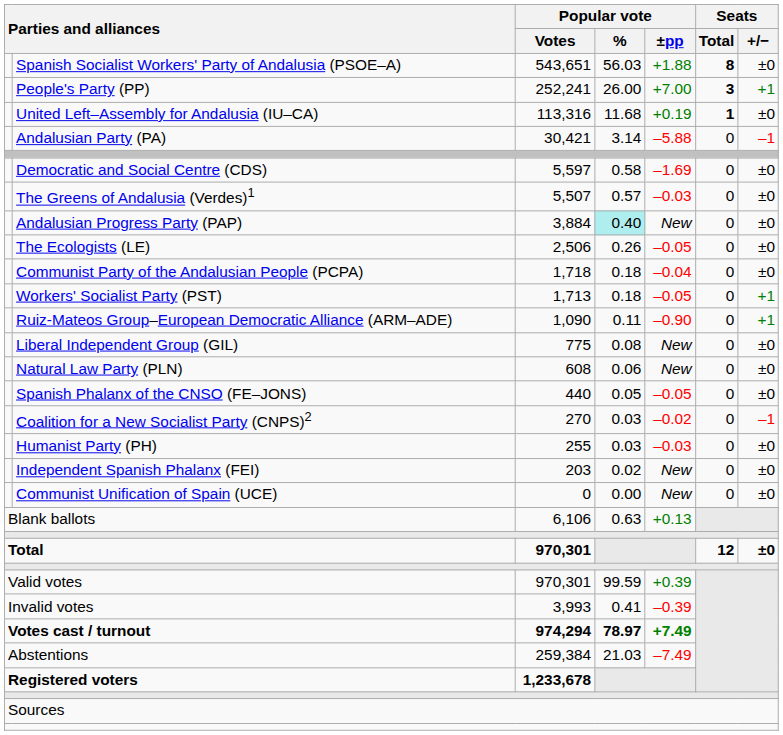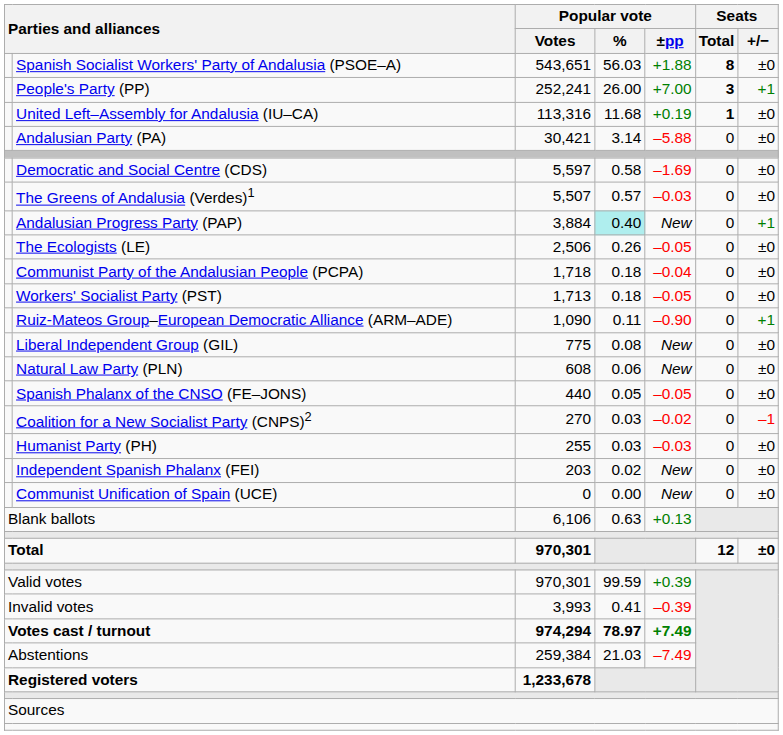 <table class="wikitable" style="text-align:right;">
 <tr>
 <th style="text-align:left;" rowspan="2" colspan="2" width="525">Parties and alliances</th>
 <th colspan="3">Popular vote</th>
 <th colspan="2">Seats</th>
 </tr>
 <tr>
 <th width="75">Votes</th>
 <th width="45">%</th>
 <th width="45">±<a href='#'>pp</a></th>
 <th width="35">Total</th>
 <th width="35">+/−</th>
 </tr>
 <tr>
 <td width="1" style="color:inherit;background:"></td>
 <td align="left"><a href='#'>Spanish Socialist Workers' Party of Andalusia</a> (PSOE–A)</td>
 <td>543,651</td>
 <td>56.03</td>
 <td style="color:green;">+1.88</td>
 <td><strong>8</strong></td>
 <td>±0</td>
 </tr>
 <tr>
 <td style="color:inherit;background:"></td>
 <td align="left"><a href='#'>People's Party</a> (PP)</td>
 <td>252,241</td>
 <td>26.00</td>
 <td style="color:green;">+7.00</td>
 <td><strong>3</strong></td>
 <td style="color:green;">+1</td>
 </tr>
 <tr>
 <td style="color:inherit;background:"></td>
 <td align="left"><a href='#'>United Left–Assembly for Andalusia</a> (IU–CA)</td>
 <td>113,316</td>
 <td>11.68</td>
 <td style="color:green;">+0.19</td>
 <td><strong>1</strong></td>
 <td>±0</td>
 </tr>
 <tr>
 <td style="color:inherit;background:"></td>
 <td align="left"><a href='#'>Andalusian Party</a> (PA)</td>
 <td>30,421</td>
 <td>3.14</td>
 <td style="color:red;">–5.88</td>
 <td>0</td>
-<td style="color:red;">–1</td>
+<td>±0</td>
 </tr>
 <tr>
 <td colspan="7" bgcolor="#C0C0C0"></td>
 </tr>
 <tr>
 <td style="color:inherit;background:"></td>
 <td align="left"><a href='#'>Democratic and Social Centre</a> (CDS)</td>
 <td>5,597</td>
 <td>0.58</td>
 <td style="color:red;">–1.69</td>
 <td>0</td>
 <td>±0</td>
 </tr>
 <tr>
 <td style="color:inherit;background:"></td>
 <td align="left"><a href='#'>The Greens of Andalusia</a> (Verdes)<sup>1</sup></td>
 <td>5,507</td>
 <td>0.57</td>
 <td style="color:red;">–0.03</td>
 <td>0</td>
 <td>±0</td>
 </tr>
 <tr>
 <td style="color:inherit;background:"></td>
 <td align="left"><a href='#'>Andalusian Progress Party</a> (PAP)</td>
 <td>3,884</td>
 <td style="background: paleturquoise;">0.40</td>
 <td><em>New</em></td>
 <td>0</td>
-<td>±0</td>
+<td style="color:green;">+1</td>
 </tr>
 <tr>
 <td style="color:inherit;background:"></td>
 <td align="left"><a href='#'>The Ecologists</a> (LE)</td>
 <td>2,506</td>
 <td>0.26</td>
 <td style="color:red;">–0.05</td>
 <td>0</td>
 <td>±0</td>
 </tr>
 <tr>
 <td style="color:inherit;background:"></td>
 <td align="left"><a href='#'>Communist Party of the Andalusian People</a> (PCPA)</td>
 <td>1,718</td>
 <td>0.18</td>
 <td style="color:red;">–0.04</td>
 <td>0</td>
 <td>±0</td>
 </tr>
 <tr>
 <td style="color:inherit;background:"></td>
 <td align="left"><a href='#'>Workers' Socialist Party</a> (PST)</td>
 <td>1,713</td>
 <td>0.18</td>
 <td style="color:red;">–0.05</td>
 <td>0</td>
-<td style="color:green;">+1</td>
+<td>±0</td>
 </tr>
 <tr>
 <td style="color:inherit;background:"></td>
 <td align="left"><a href='#'>Ruiz-Mateos Group</a>–<a href='#'>European Democratic Alliance</a> (ARM–ADE)</td>
 <td>1,090</td>
 <td>0.11</td>
 <td style="color:red;">–0.90</td>
 <td>0</td>
 <td style="color:green;">+1</td>
 </tr>
 <tr>
 <td style="color:inherit;background:"></td>
 <td align="left"><a href='#'>Liberal Independent Group</a> (GIL)</td>
 <td>775</td>
 <td>0.08</td>
 <td><em>New</em></td>
 <td>0</td>
 <td>±0</td>
 </tr>
 <tr>
 <td style="color:inherit;background:"></td>
 <td align="left"><a href='#'>Natural Law Party</a> (PLN)</td>
 <td>608</td>
 <td>0.06</td>
 <td><em>New</em></td>
 <td>0</td>
 <td>±0</td>
 </tr>
 <tr>
 <td style="color:inherit;background:"></td>
 <td align="left"><a href='#'>Spanish Phalanx of the CNSO</a> (FE–JONS)</td>
 <td>440</td>
 <td>0.05</td>
 <td style="color:red;">–0.05</td>
 <td>0</td>
 <td>±0</td>
 </tr>
 <tr>
 <td style="color:inherit;background:"></td>
 <td align="left"><a href='#'>Coalition for a New Socialist Party</a> (CNPS)<sup>2</sup></td>
 <td>270</td>
 <td>0.03</td>
 <td style="color:red;">–0.02</td>
 <td>0</td>
 <td style="color:red;">–1</td>
 </tr>
 <tr>
 <td style="color:inherit;background:"></td>
 <td align="left"><a href='#'>Humanist Party</a> (PH)</td>
 <td>255</td>
 <td>0.03</td>
 <td style="color:red;">–0.03</td>
 <td>0</td>
 <td>±0</td>
 </tr>
 <tr>
 <td style="color:inherit;background:"></td>
 <td align="left"><a href='#'>Independent Spanish Phalanx</a> (FEI)</td>
 <td>203</td>
 <td>0.02</td>
 <td><em>New</em></td>
 <td>0</td>
 <td>±0</td>
 </tr>
 <tr>
 <td style="color:inherit;background:"></td>
 <td align="left"><a href='#'>Communist Unification of Spain</a> (UCE)</td>
 <td>0</td>
 <td>0.00</td>
 <td><em>New</em></td>
 <td>0</td>
 <td>±0</td>
 </tr>
 <tr>
 <td align="left" colspan="2">Blank ballots</td>
 <td>6,106</td>
 <td>0.63</td>
 <td style="color:green;">+0.13</td>
 <td bgcolor="#E9E9E9" colspan="2"></td>
 </tr>
 <tr>
 <td colspan="7" bgcolor="#E9E9E9"></td>
 </tr>
 <tr style="font-weight:bold;">
 <td align="left" colspan="2">Total</td>
 <td>970,301</td>
 <td bgcolor="#E9E9E9" colspan="2"></td>
 <td>12</td>
 <td>±0</td>
 </tr>
 <tr>
 <td colspan="7" bgcolor="#E9E9E9"></td>
 </tr>
 <tr>
 <td align="left" colspan="2">Valid votes</td>
 <td>970,301</td>
 <td>99.59</td>
 <td style="color:green;">+0.39</td>
 <td bgcolor="#E9E9E9" colspan="2" rowspan="5"></td>
 </tr>
 <tr>
 <td align="left" colspan="2">Invalid votes</td>
 <td>3,993</td>
 <td>0.41</td>
 <td style="color:red;">–0.39</td>
 </tr>
 <tr style="font-weight:bold;">
 <td align="left" colspan="2">Votes cast / turnout</td>
 <td>974,294</td>
 <td>78.97</td>
 <td style="color:green;">+7.49</td>
 </tr>
 <tr>
 <td align="left" colspan="2">Abstentions</td>
 <td>259,384</td>
 <td>21.03</td>
 <td style="color:red;">–7.49</td>
 </tr>
 <tr style="font-weight:bold;">
 <td align="left" colspan="2">Registered voters</td>
 <td>1,233,678</td>
 <td bgcolor="#E9E9E9" colspan="2"></td>
 </tr>
 <tr>
 <td colspan="7" bgcolor="#E9E9E9"></td>
 </tr>
 <tr>
 <td align="left" colspan="7">Sources</td>
 </tr>
 <tr>
 <td colspan="7" style="text-align:left; max-width:790px;"></td>
 </tr>
 </table>
